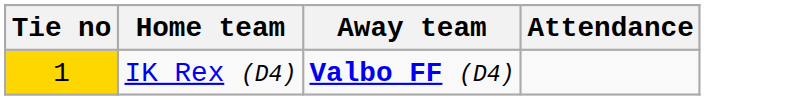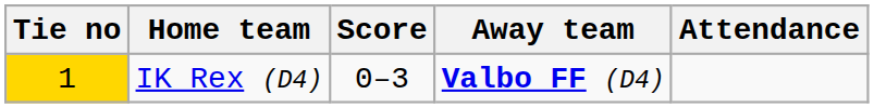 <table class="wikitable" style="text-align:center">
 <tr>
 <th style= style="width:40px;">Tie no</th>
 <th style= style="width:150px;">Home team</th>
+<th style= style="width:60px;">Score</th>
 <th style= style="width:150px;">Away team</th>
 <th style= style="width:30px;">Attendance</th>
 </tr>
 <tr>
 <td style="background: gold;">1</td>
 <td><a href='#'>IK Rex</a> <em><small>(D4)</small></em></td>
+<td>0–3</td>
 <td><strong><a href='#'>Valbo FF</a></strong> <em><small>(D4)</small></em></td>
 <td></td>
 </tr>
 </table>
